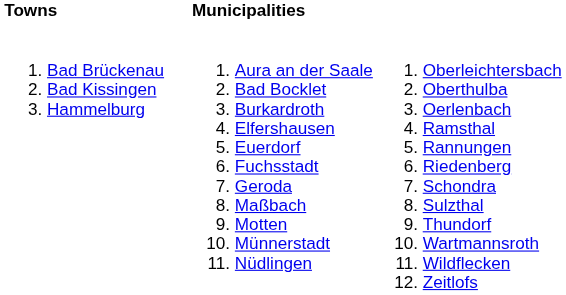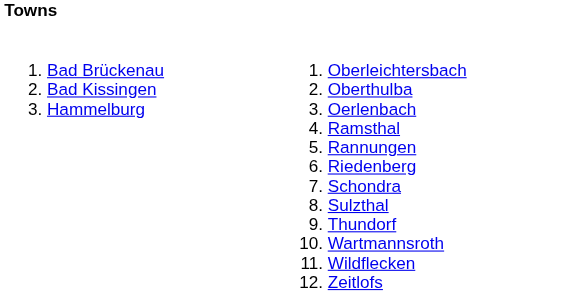 <table>
 <tr>
 <th align=left width=33%>Towns</th>
-<th align=left width=33%>Municipalities</th>
 <th align=left width=33%></th>
 </tr>
 <tr valign=top>
 <td><br><ol><li><a href='#'>Bad Brückenau</a></li><li><a href='#'>Bad Kissingen</a></li><li><a href='#'>Hammelburg</a></li></ol></td>
-<td><br><ol><li><a href='#'>Aura an der Saale</a></li><li><a href='#'>Bad Bocklet</a></li><li><a href='#'>Burkardroth</a></li><li><a href='#'>Elfershausen</a></li><li><a href='#'>Euerdorf</a></li><li><a href='#'>Fuchsstadt</a></li><li><a href='#'>Geroda</a></li><li><a href='#'>Maßbach</a></li><li><a href='#'>Motten</a></li><li><a href='#'>Münnerstadt</a></li><li><a href='#'>Nüdlingen</a></li></ol></td>
 <td><br><ol> <li> <a href='#'>Oberleichtersbach</a> <li> <a href='#'>Oberthulba</a> <li> <a href='#'>Oerlenbach</a> <li> <a href='#'>Ramsthal</a> <li> <a href='#'>Rannungen</a> <li> <a href='#'>Riedenberg</a> <li> <a href='#'>Schondra</a> <li> <a href='#'>Sulzthal</a> <li> <a href='#'>Thundorf</a> <li> <a href='#'>Wartmannsroth</a> <li> <a href='#'>Wildflecken</a> <li> <a href='#'>Zeitlofs</a> </ol></td>
 </tr>
 </table>
